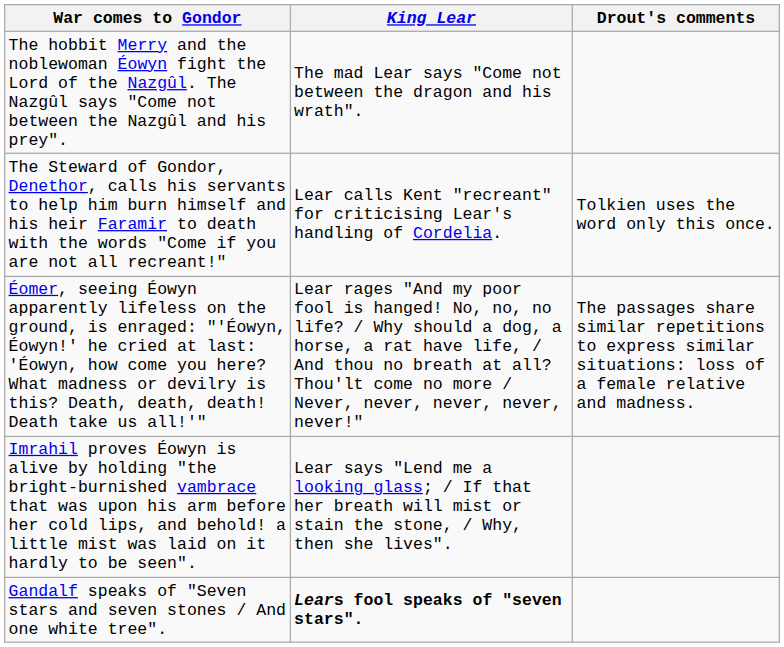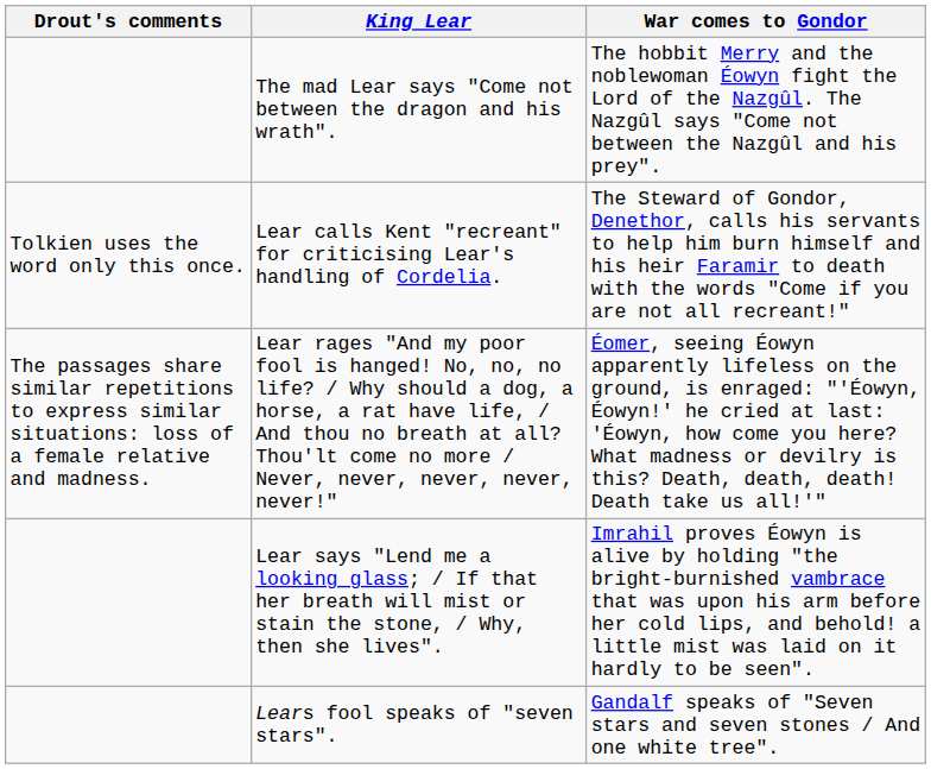 <table class="wikitable">
 <tr>
+<th>Drout's comments</th>
+<th><em><a href='#'>King Lear</a></em></th>
 <th>War comes to <a href='#'>Gondor</a></th>
-<th><em><a href='#'>King Lear</a></em></th>
-<th>Drout's comments</th>
 </tr>
 <tr>
+<td></td>
+<td>The mad Lear says "Come not between the dragon and his wrath".</td>
 <td>The hobbit <a href='#'>Merry</a> and the noblewoman <a href='#'>Éowyn</a> fight the Lord of the <a href='#'>Nazgûl</a>. The Nazgûl says "Come not between the Nazgûl and his prey".</td>
-<td>The mad Lear says "Come not between the dragon and his wrath".</td>
-<td></td>
 </tr>
 <tr>
+<td>Tolkien uses the word only this once.</td>
+<td>Lear calls Kent "recreant" for criticising Lear's handling of <a href='#'>Cordelia</a>.</td>
 <td>The Steward of Gondor, <a href='#'>Denethor</a>, calls his servants to help him burn himself and his heir <a href='#'>Faramir</a> to death with the words "Come if you are not all recreant!"</td>
-<td>Lear calls Kent "recreant" for criticising Lear's handling of <a href='#'>Cordelia</a>.</td>
-<td>Tolkien uses the word only this once.</td>
 </tr>
 <tr>
+<td>The passages share similar repetitions to express similar situations: loss of a female relative and madness.</td>
+<td>Lear rages "And my poor fool is hanged! No, no, no life? / Why should a dog, a horse, a rat have life, / And thou no breath at all? Thou'lt come no more / Never, never, never, never, never!"</td>
 <td><a href='#'>Éomer</a>, seeing Éowyn apparently lifeless on the ground, is enraged: "'Éowyn, Éowyn!' he cried at last: 'Éowyn, how come you here? What madness or devilry is this? Death, death, death! Death take us all!'"</td>
-<td>Lear rages "And my poor fool is hanged! No, no, no life? / Why should a dog, a horse, a rat have life, / And thou no breath at all? Thou'lt come no more / Never, never, never, never, never!"</td>
-<td>The passages share similar repetitions to express similar situations: loss of a female relative and madness.</td>
 </tr>
 <tr>
+<td></td>
+<td>Lear says "Lend me a <a href='#'>looking glass</a>; / If that her breath will mist or stain the stone, / Why, then she lives".</td>
 <td><a href='#'>Imrahil</a> proves Éowyn is alive by holding "the bright-burnished <a href='#'>vambrace</a> that was upon his arm before her cold lips, and behold! a little mist was laid on it hardly to be seen".</td>
-<td>Lear says "Lend me a <a href='#'>looking glass</a>; / If that her breath will mist or stain the stone, / Why, then she lives".</td>
-<td></td>
 </tr>
 <tr>
+<td></td>
+<td><em>Lear</em>s fool speaks of "seven stars".</td>
 <td><a href='#'>Gandalf</a> speaks of "Seven stars and seven stones / And one white tree".</td>
-<td><strong><em>Lear</em>s fool speaks of "seven stars".</strong></td>
-<td></td>
 </tr>
 </table>
